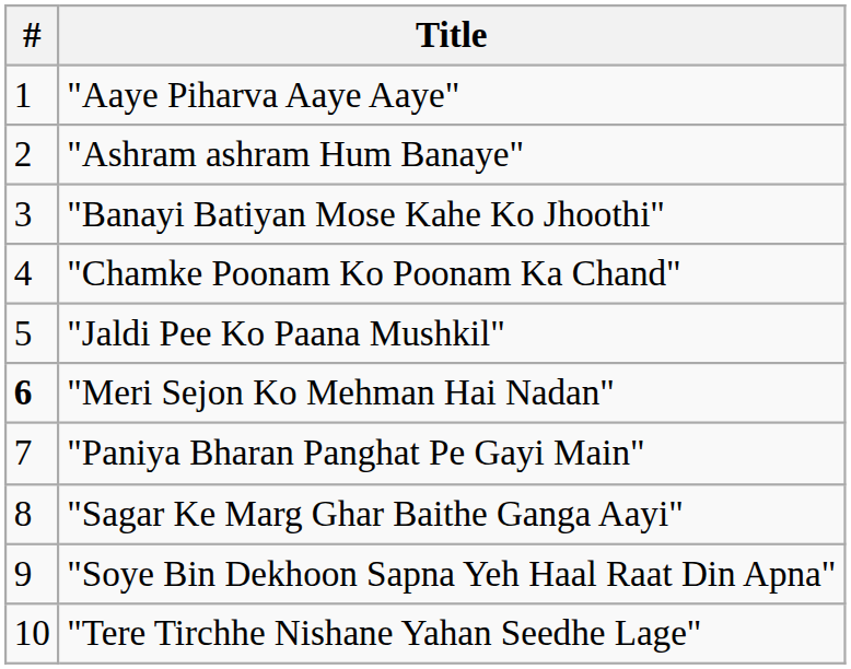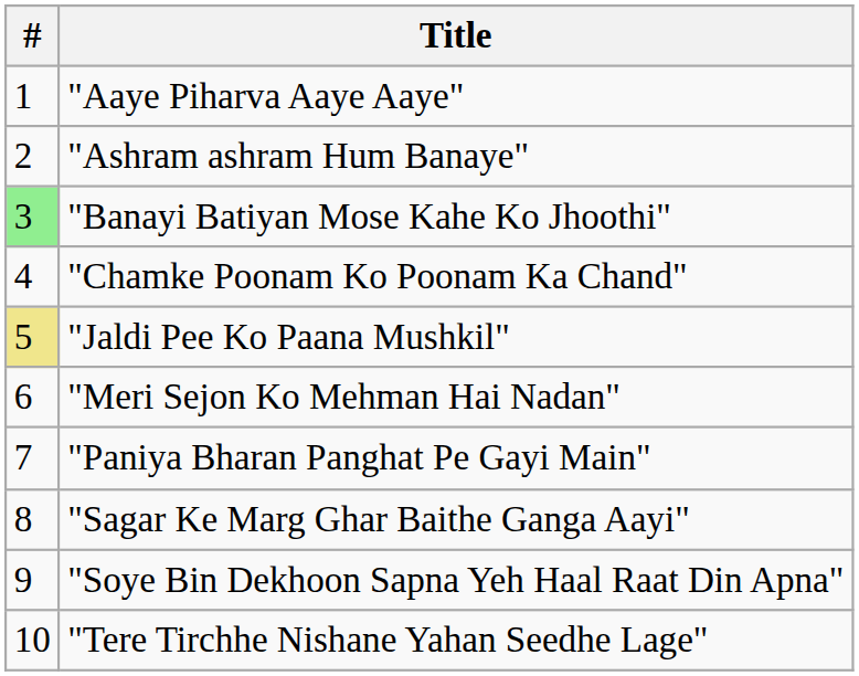 <table class="wikitable" style="font-size:95%;">
 <tr>
 <th>#</th>
 <th>Title</th>
 </tr>
 <tr>
 <td>1</td>
 <td>"Aaye Piharva Aaye Aaye"</td>
 </tr>
 <tr>
 <td>2</td>
 <td>"Ashram ashram Hum Banaye"</td>
 </tr>
 <tr>
-<td>3</td>
+<td style="background: lightgreen;">3</td>
 <td>"Banayi Batiyan Mose Kahe Ko Jhoothi"</td>
 </tr>
 <tr>
 <td>4</td>
 <td>"Chamke Poonam Ko Poonam Ka Chand"</td>
 </tr>
 <tr>
-<td>5</td>
+<td style="background: khaki;">5</td>
 <td>"Jaldi Pee Ko Paana Mushkil"</td>
 </tr>
 <tr>
-<td><strong>6</strong></td>
+<td>6</td>
 <td>"Meri Sejon Ko Mehman Hai Nadan"</td>
 </tr>
 <tr>
 <td>7</td>
 <td>"Paniya Bharan Panghat Pe Gayi Main"</td>
 </tr>
 <tr>
 <td>8</td>
 <td>"Sagar Ke Marg Ghar Baithe Ganga Aayi"</td>
 </tr>
 <tr>
 <td>9</td>
 <td>"Soye Bin Dekhoon Sapna Yeh Haal Raat Din Apna"</td>
 </tr>
 <tr>
 <td>10</td>
 <td>"Tere Tirchhe Nishane Yahan Seedhe Lage"</td>
 </tr>
 </table>
